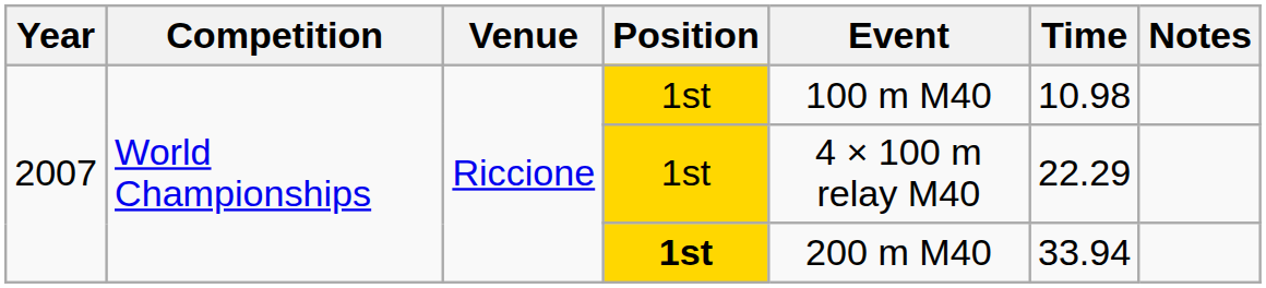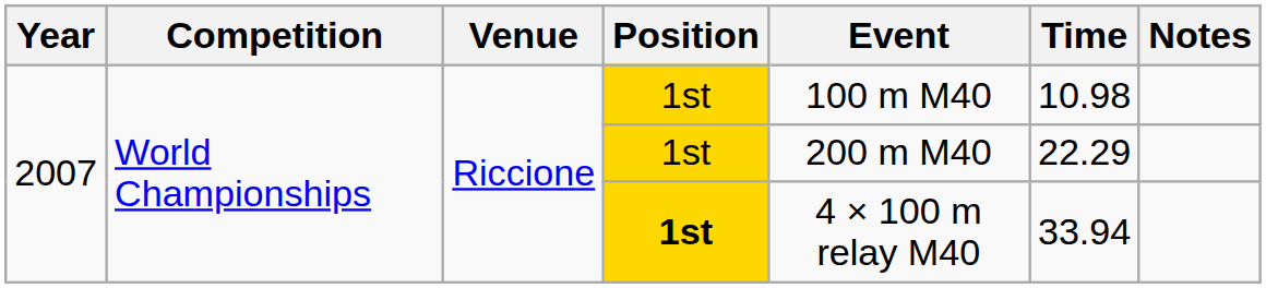 <table class="wikitable" width=55% style="font-size:90%; text-align:center;">
 <tr>
 <th>Year</th>
 <th>Competition</th>
 <th>Venue</th>
 <th>Position</th>
 <th>Event</th>
 <th>Time</th>
 <th>Notes</th>
 </tr>
 <tr>
 <td rowspan=3>2007</td>
 <td rowspan=3 align=left><a href='#'>World Championships</a></td>
 <td rowspan=3 align=left> <a href='#'>Riccione</a></td>
 <td bgcolor=gold>1st</td>
 <td>100 m M40</td>
 <td>10.98</td>
 <td></td>
 </tr>
 <tr>
 <td bgcolor=gold>1st</td>
-<td>4 × 100 m relay M40</td>
+<td>200 m M40</td>
 <td>22.29</td>
 <td></td>
 </tr>
 <tr>
 <td bgcolor=gold><strong>1st</strong></td>
-<td>200 m M40</td>
+<td>4 × 100 m relay M40</td>
 <td>33.94</td>
 <td></td>
 </tr>
 </table>
